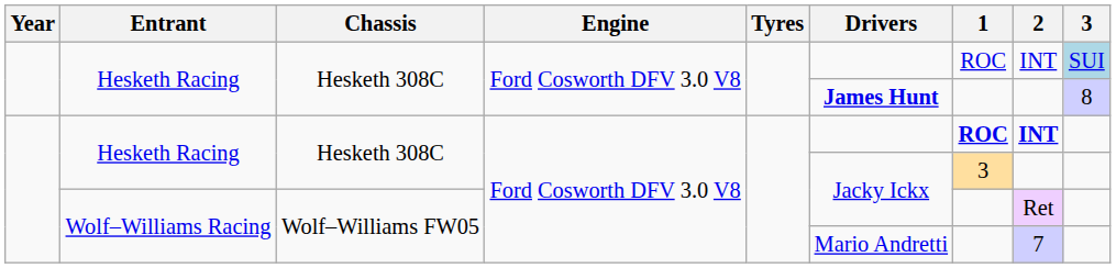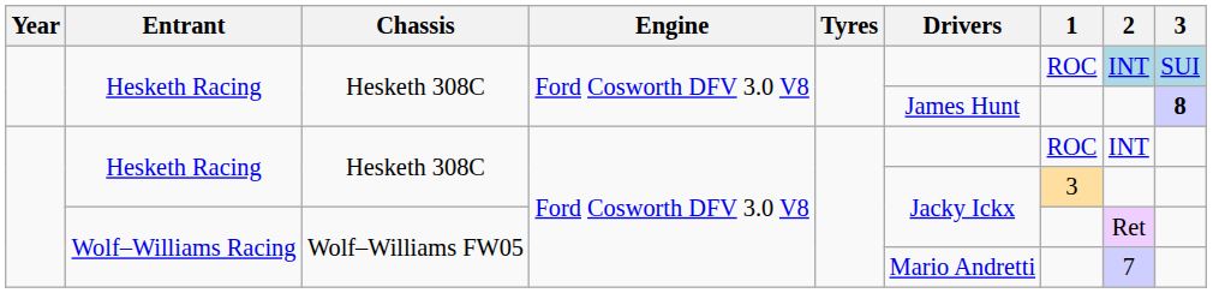 <table class="wikitable" style="text-align:center; font-size:95%">
 <tr>
 <th>Year</th>
 <th>Entrant</th>
 <th>Chassis</th>
 <th>Engine</th>
 <th>Tyres</th>
 <th>Drivers</th>
 <th>1</th>
 <th>2</th>
 <th>3</th>
 </tr>
 <tr>
 <td rowspan="2"></td>
 <td rowspan="2"><a href='#'>Hesketh Racing</a></td>
 <td rowspan="2">Hesketh 308C</td>
 <td rowspan="2"><a href='#'>Ford</a> <a href='#'>Cosworth DFV</a> 3.0 <a href='#'>V8</a></td>
 <td rowspan="2"></td>
 <td></td>
 <td><a href='#'>ROC</a></td>
-<td><a href='#'>INT</a></td>
+<td style="background: lightblue;"><a href='#'>INT</a></td>
 <td style="background: lightblue;"><a href='#'>SUI</a></td>
 </tr>
 <tr>
-<td><strong><a href='#'>James Hunt</a></strong></td>
+<td><a href='#'>James Hunt</a></td>
 <td></td>
 <td></td>
-<td style="background:#CFCFFF;">8</td>
+<td style="background:#CFCFFF;"><strong>8</strong></td>
 </tr>
 <tr>
 <td rowspan="4"></td>
 <td rowspan="2"><a href='#'>Hesketh Racing</a></td>
 <td rowspan="2">Hesketh 308C</td>
 <td rowspan="4"><a href='#'>Ford</a> <a href='#'>Cosworth DFV</a> 3.0 <a href='#'>V8</a></td>
 <td rowspan="4"></td>
 <td></td>
-<td><strong><a href='#'>ROC</a></strong></td>
-<td><strong><a href='#'>INT</a></strong></td>
+<td><a href='#'>ROC</a></td>
+<td><a href='#'>INT</a></td>
 <td></td>
 </tr>
 <tr>
 <td rowspan="2"><a href='#'>Jacky Ickx</a></td>
 <td style="background:#FFDF9F;">3</td>
 <td></td>
 <td></td>
 </tr>
 <tr>
 <td rowspan="2"><a href='#'>Wolf–Williams Racing</a></td>
 <td rowspan="2">Wolf–Williams FW05</td>
 <td></td>
 <td style="background:#EFCFFF;">Ret</td>
 <td></td>
 </tr>
 <tr>
 <td><a href='#'>Mario Andretti</a></td>
 <td></td>
 <td style="background:#CFCFFF;">7</td>
 <td></td>
 </tr>
 </table>
